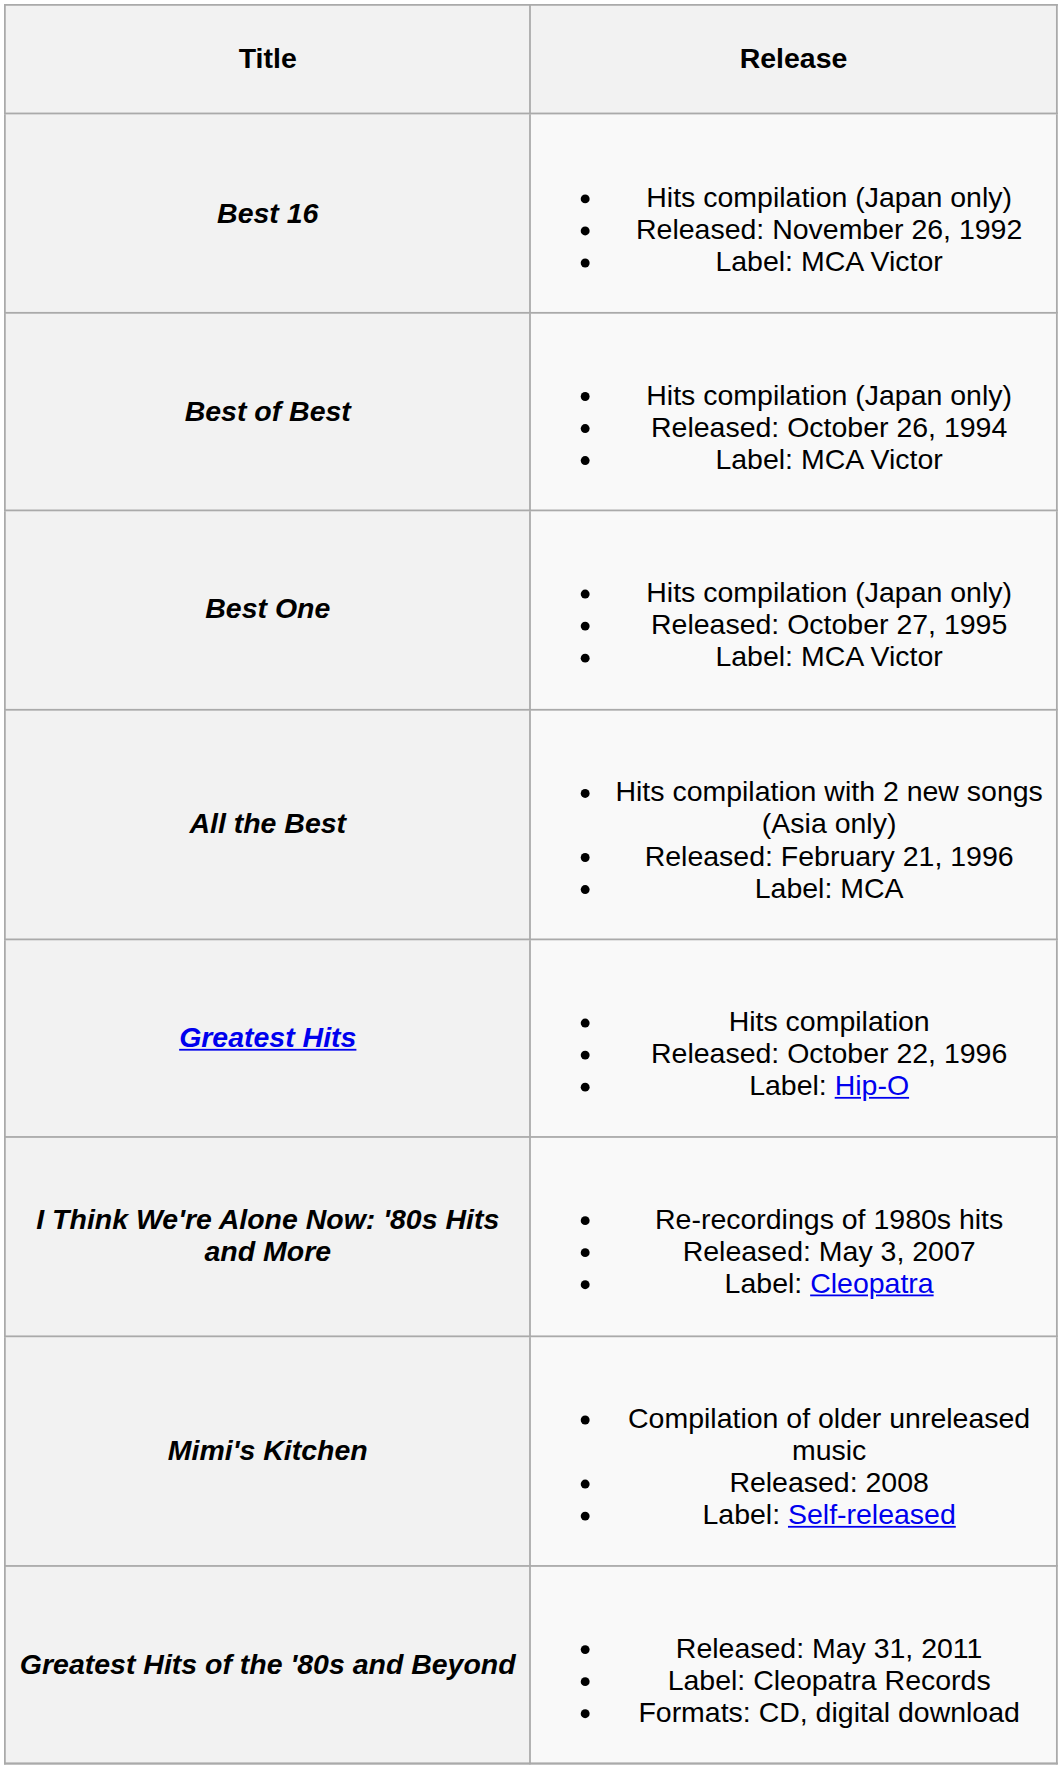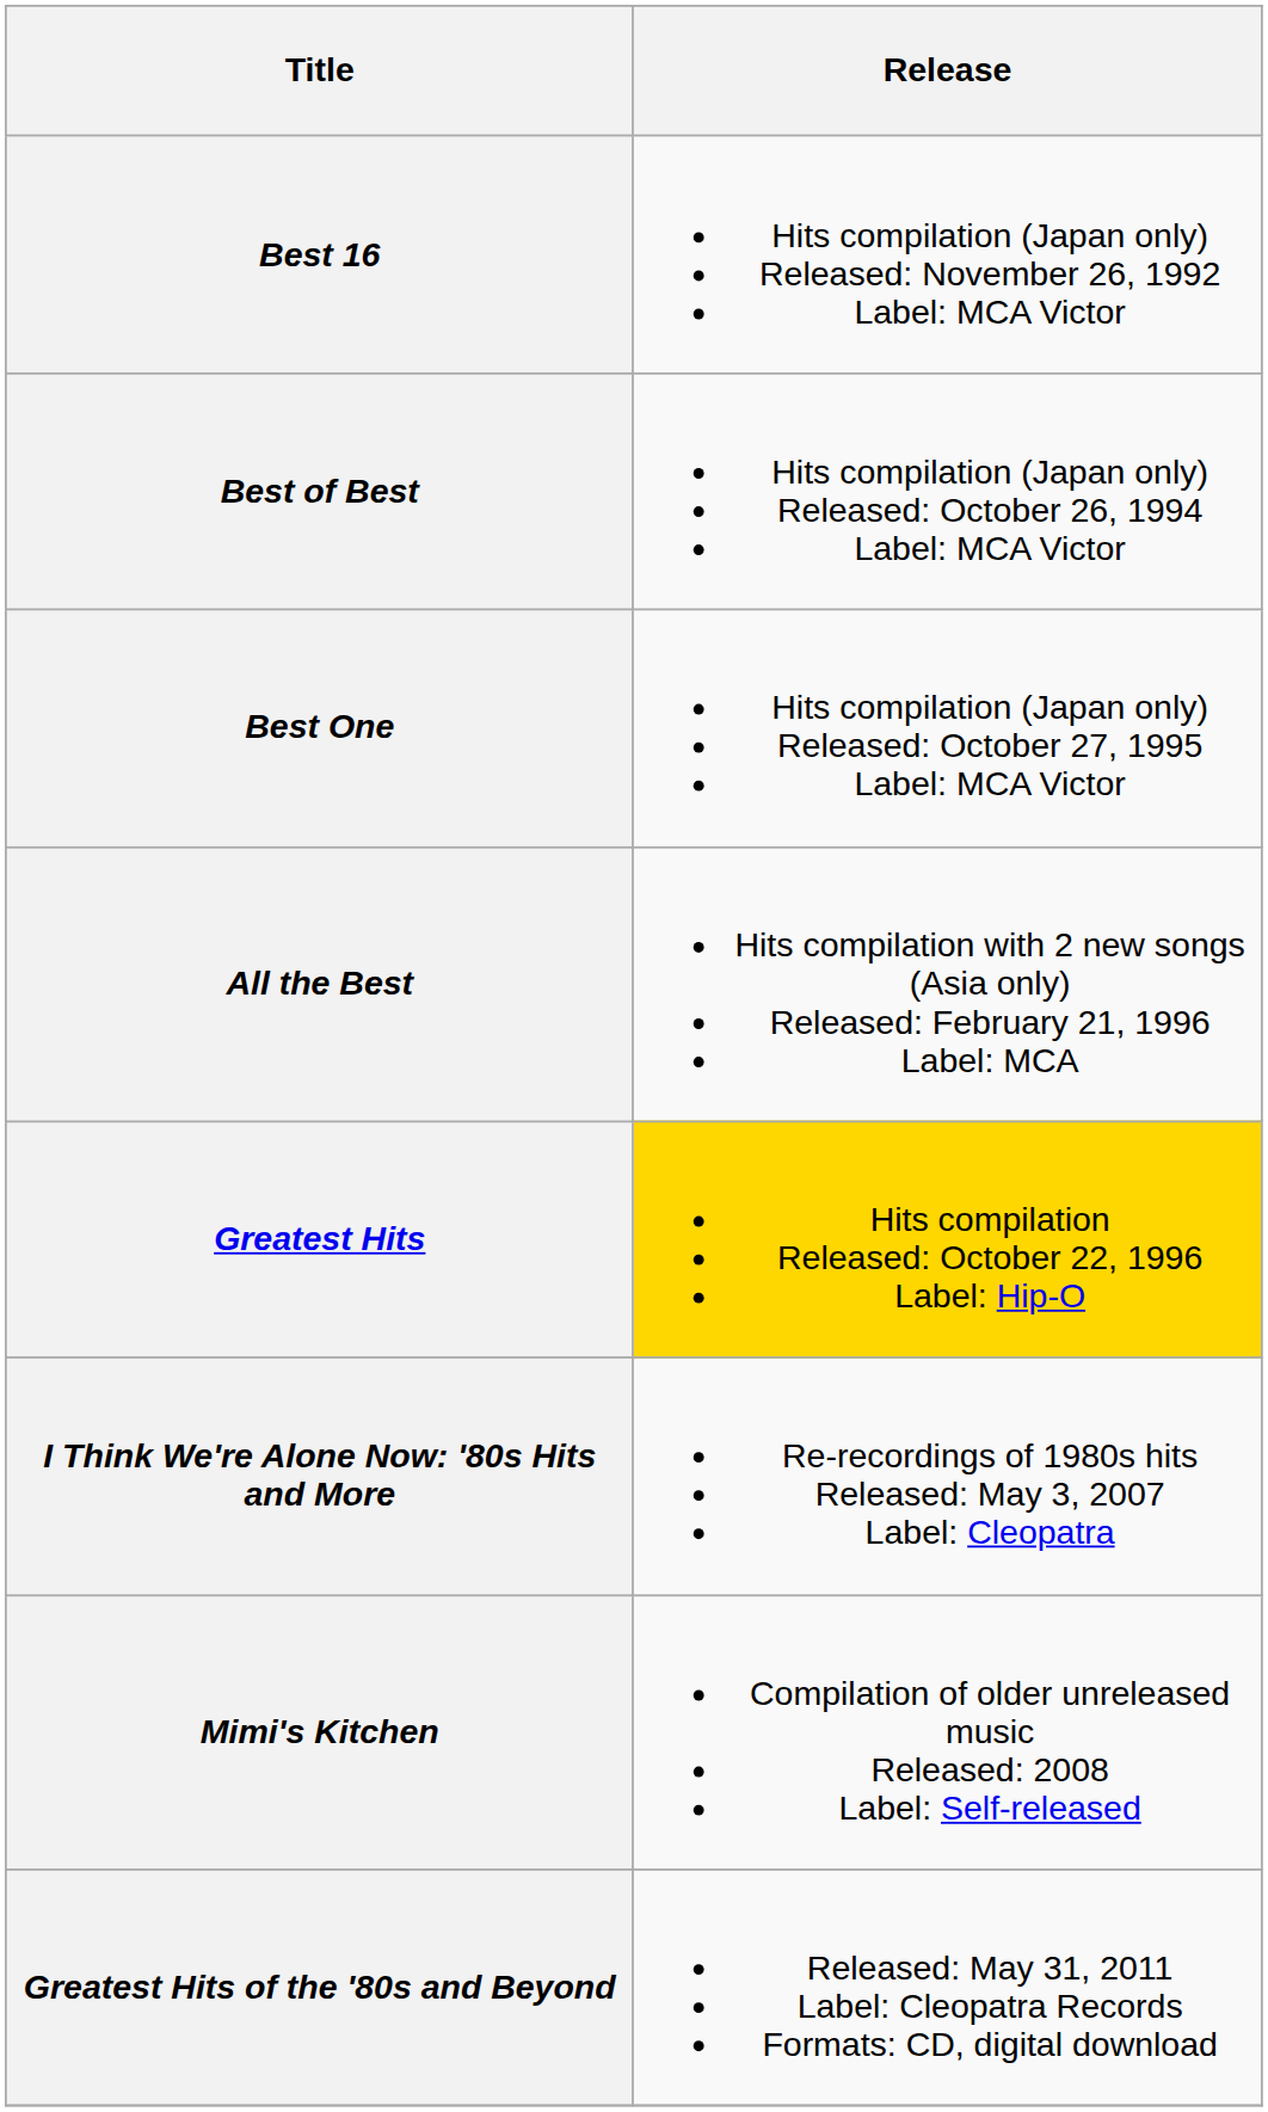 <table class="wikitable plainrowheaders" style="text-align:center;">
 <tr>
 <th scope="col" rowspan="1" style="width:18em;"><br>Title<br><br></th>
 <th scope="col" rowspan="1" style="width:18em;"><br>Release<br><br></th>
 </tr>
 <tr>
 <th scope="row"><em>Best 16</em></th>
 <td><br><ul><li>Hits compilation (Japan only)</li><li>Released: November 26, 1992</li><li>Label: MCA Victor</li></ul></td>
 </tr>
 <tr>
 <th scope="row"><em>Best of Best</em></th>
 <td><br><ul><li>Hits compilation (Japan only)</li><li>Released: October 26, 1994</li><li>Label: MCA Victor</li></ul></td>
 </tr>
 <tr>
 <th scope="row"><em>Best One</em></th>
 <td><br><ul><li>Hits compilation (Japan only)</li><li>Released: October 27, 1995</li><li>Label: MCA Victor</li></ul></td>
 </tr>
 <tr>
 <th scope="row"><em>All the Best</em></th>
 <td><br><ul><li>Hits compilation with 2 new songs <br>(Asia only)</li><li>Released: February 21, 1996</li><li>Label: MCA</li></ul></td>
 </tr>
 <tr>
 <th scope="row"><em><a href='#'>Greatest Hits</a></em></th>
-<td><br><ul><li>Hits compilation</li><li>Released: October 22, 1996</li><li>Label: <a href='#'>Hip-O</a></li></ul></td>
+<td style="background: gold;"><br><ul><li>Hits compilation</li><li>Released: October 22, 1996</li><li>Label: <a href='#'>Hip-O</a></li></ul></td>
 </tr>
 <tr>
 <th scope="row"><em>I Think We're Alone Now: '80s Hits and More</em></th>
 <td><br><ul><li>Re-recordings of 1980s hits</li><li>Released: May 3, 2007</li><li>Label: <a href='#'>Cleopatra</a></li></ul></td>
 </tr>
 <tr>
 <th scope="row"><em>Mimi's Kitchen</em></th>
 <td><br><ul><li>Compilation of older unreleased music</li><li>Released: 2008</li><li>Label: <a href='#'>Self-released</a></li></ul></td>
 </tr>
 <tr>
 <th scope="row"><em>Greatest Hits of the '80s and Beyond</em></th>
 <td><br><ul><li>Released: May 31, 2011</li><li>Label: Cleopatra Records</li><li>Formats: CD, digital download</li></ul></td>
 </tr>
 <tr>
 </tr>
 </table>
